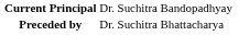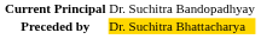 <table>
 <tr>
 <th>Current Principal</th>
 <td>Dr. Suchitra Bandopadhyay</td>
 </tr>
 <tr>
 <th>Preceded by</th>
-<td>Dr. Suchitra Bhattacharya</td>
+<td style="background: gold;">Dr. Suchitra Bhattacharya</td>
 </tr>
 </table>
